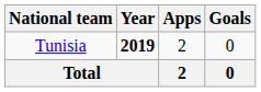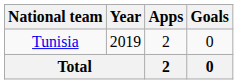 <table class="wikitable" style="text-align:center">
 <tr>
 <th>National team</th>
 <th>Year</th>
 <th>Apps</th>
 <th>Goals</th>
 </tr>
 <tr>
 <td rowspan="1"><a href='#'>Tunisia</a></td>
-<td><strong>2019</strong></td>
+<td>2019</td>
 <td>2</td>
 <td>0</td>
 </tr>
 <tr>
 <th colspan="2">Total</th>
 <th>2</th>
 <th>0</th>
 </tr>
 </table>
